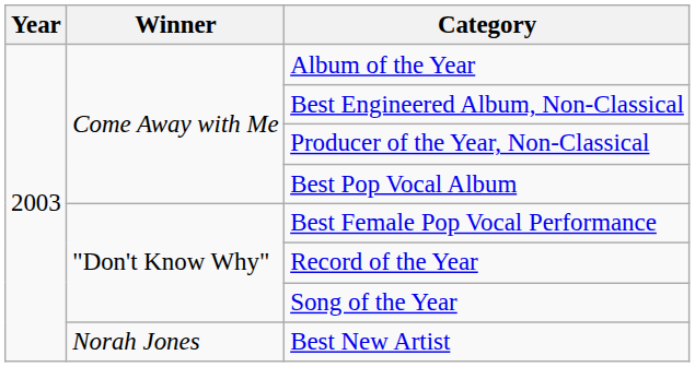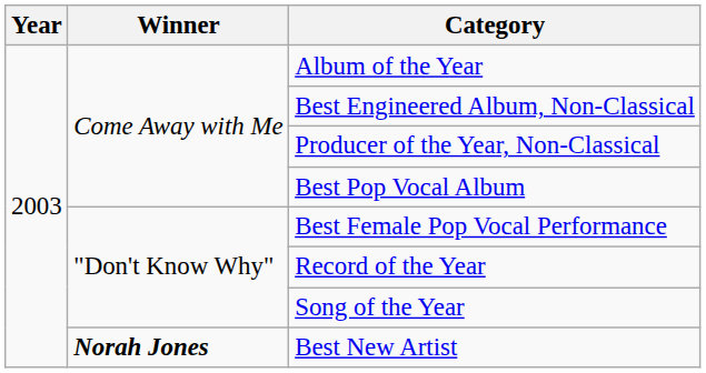 <table class="wikitable">
 <tr>
 <th align="left">Year</th>
 <th align="left">Winner</th>
 <th align="left">Category</th>
 </tr>
 <tr>
 <td style="text-align:left;" rowspan="8">2003</td>
 <td style="text-align:left;" rowspan="4"><em>Come Away with Me</em></td>
 <td align="left"><a href='#'>Album of the Year</a></td>
 </tr>
 <tr>
 <td align="left"><a href='#'>Best Engineered Album, Non-Classical</a></td>
 </tr>
 <tr>
 <td align="left"><a href='#'>Producer of the Year, Non-Classical</a></td>
 </tr>
 <tr>
 <td align="left"><a href='#'>Best Pop Vocal Album</a></td>
 </tr>
 <tr>
 <td style="text-align:left;" rowspan="3">"Don't Know Why"</td>
 <td align="left"><a href='#'>Best Female Pop Vocal Performance</a></td>
 </tr>
 <tr>
 <td align="left"><a href='#'>Record of the Year</a></td>
 </tr>
 <tr>
 <td align="left"><a href='#'>Song of the Year</a></td>
 </tr>
 <tr>
-<td style="text-align:left;"><em>Norah Jones</em></td>
+<td style="text-align:left;"><strong><em>Norah Jones</em></strong></td>
 <td align="left"><a href='#'>Best New Artist</a></td>
 </tr>
 </table>
